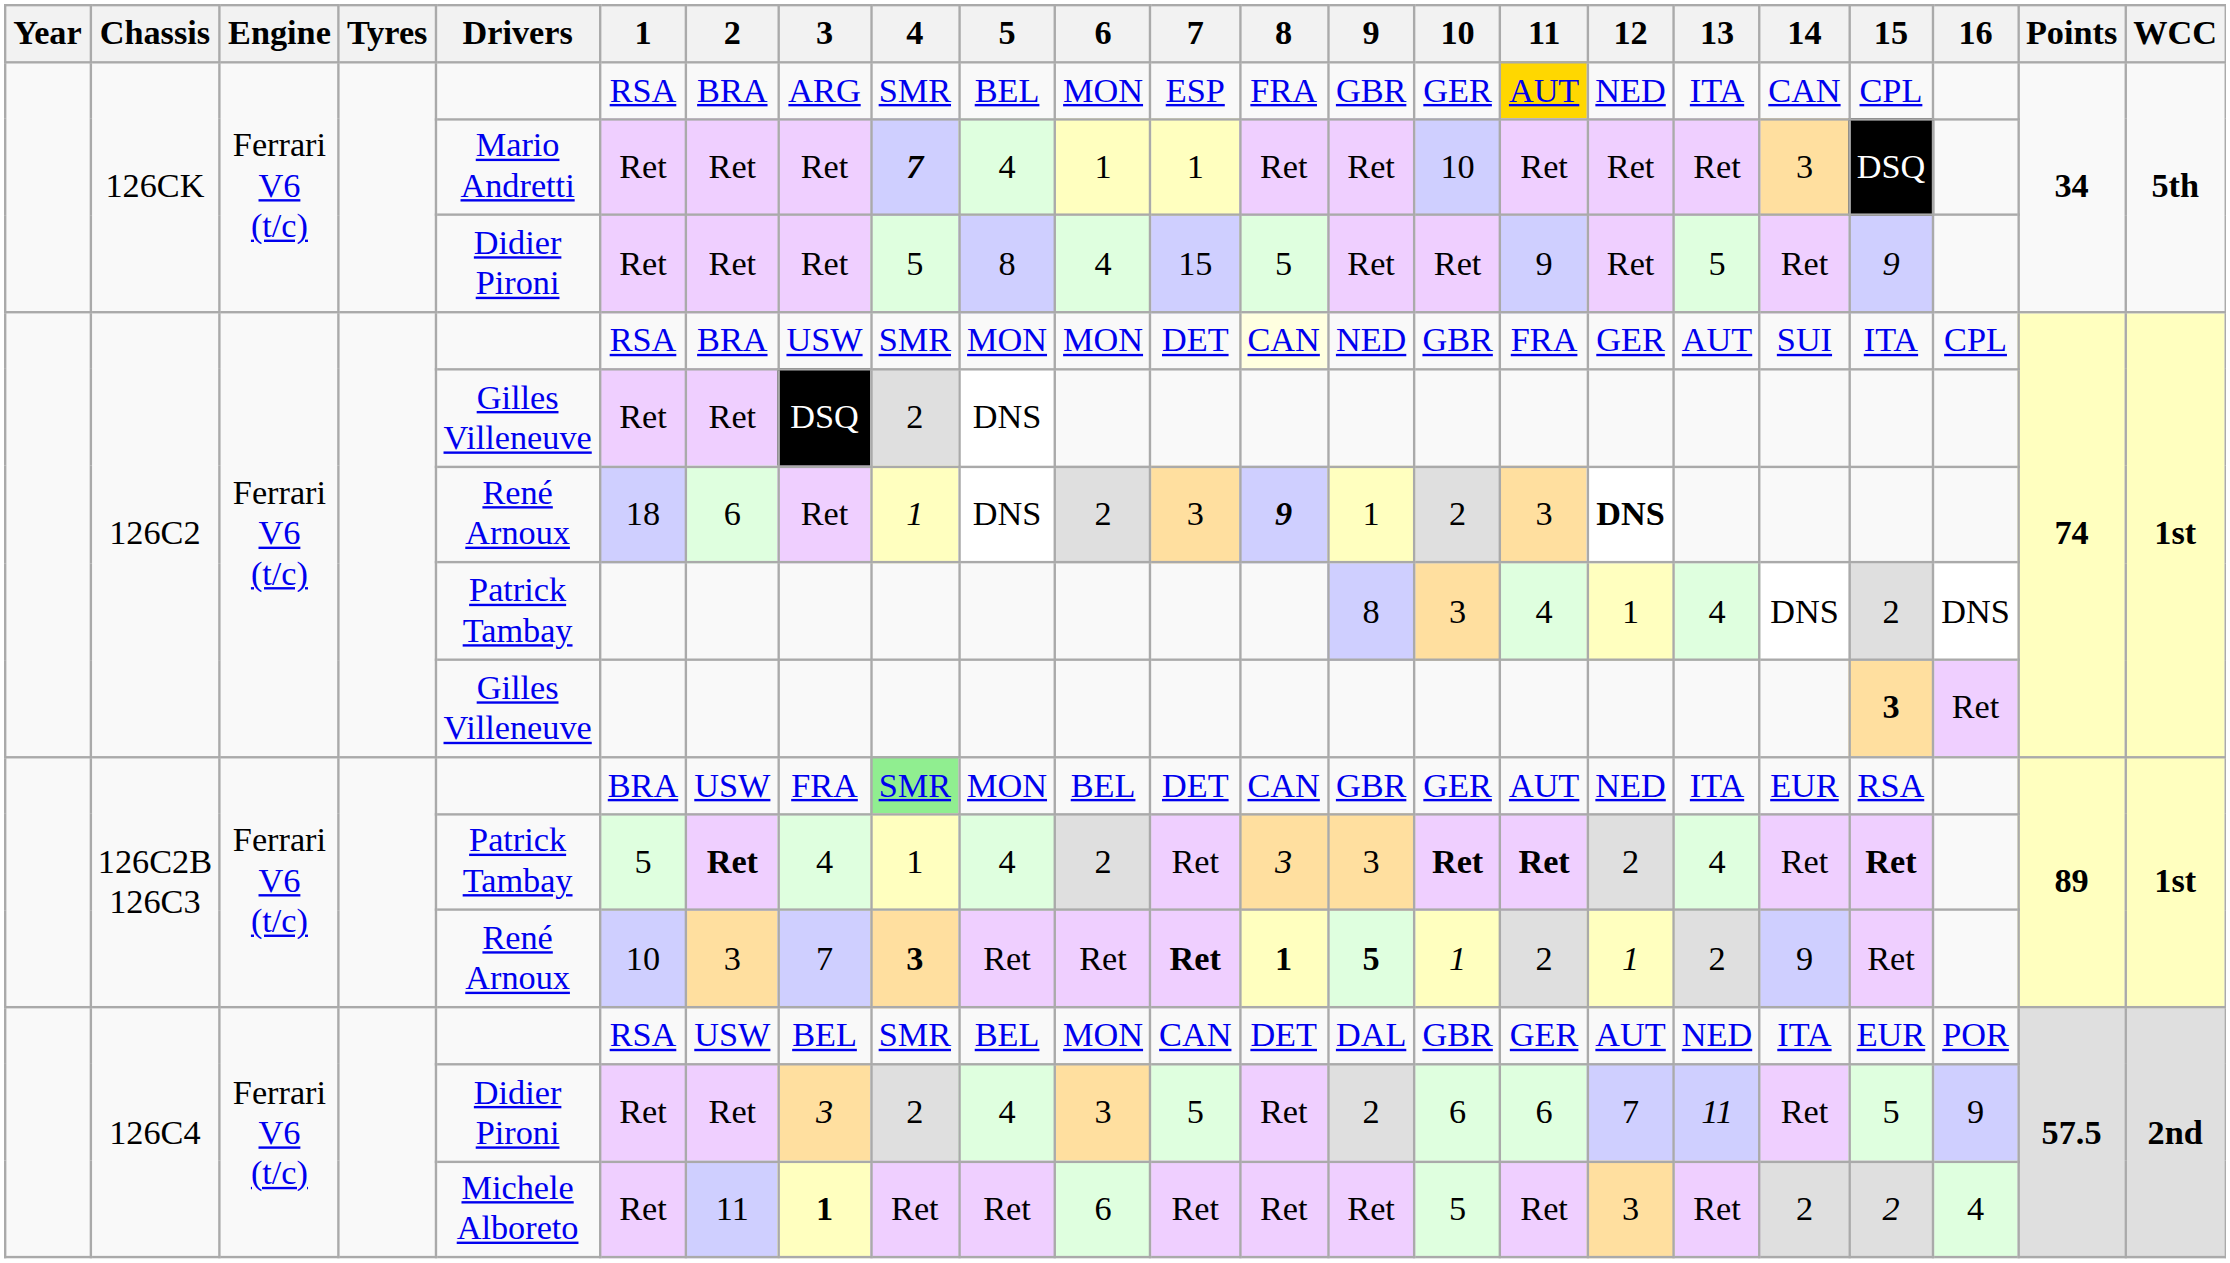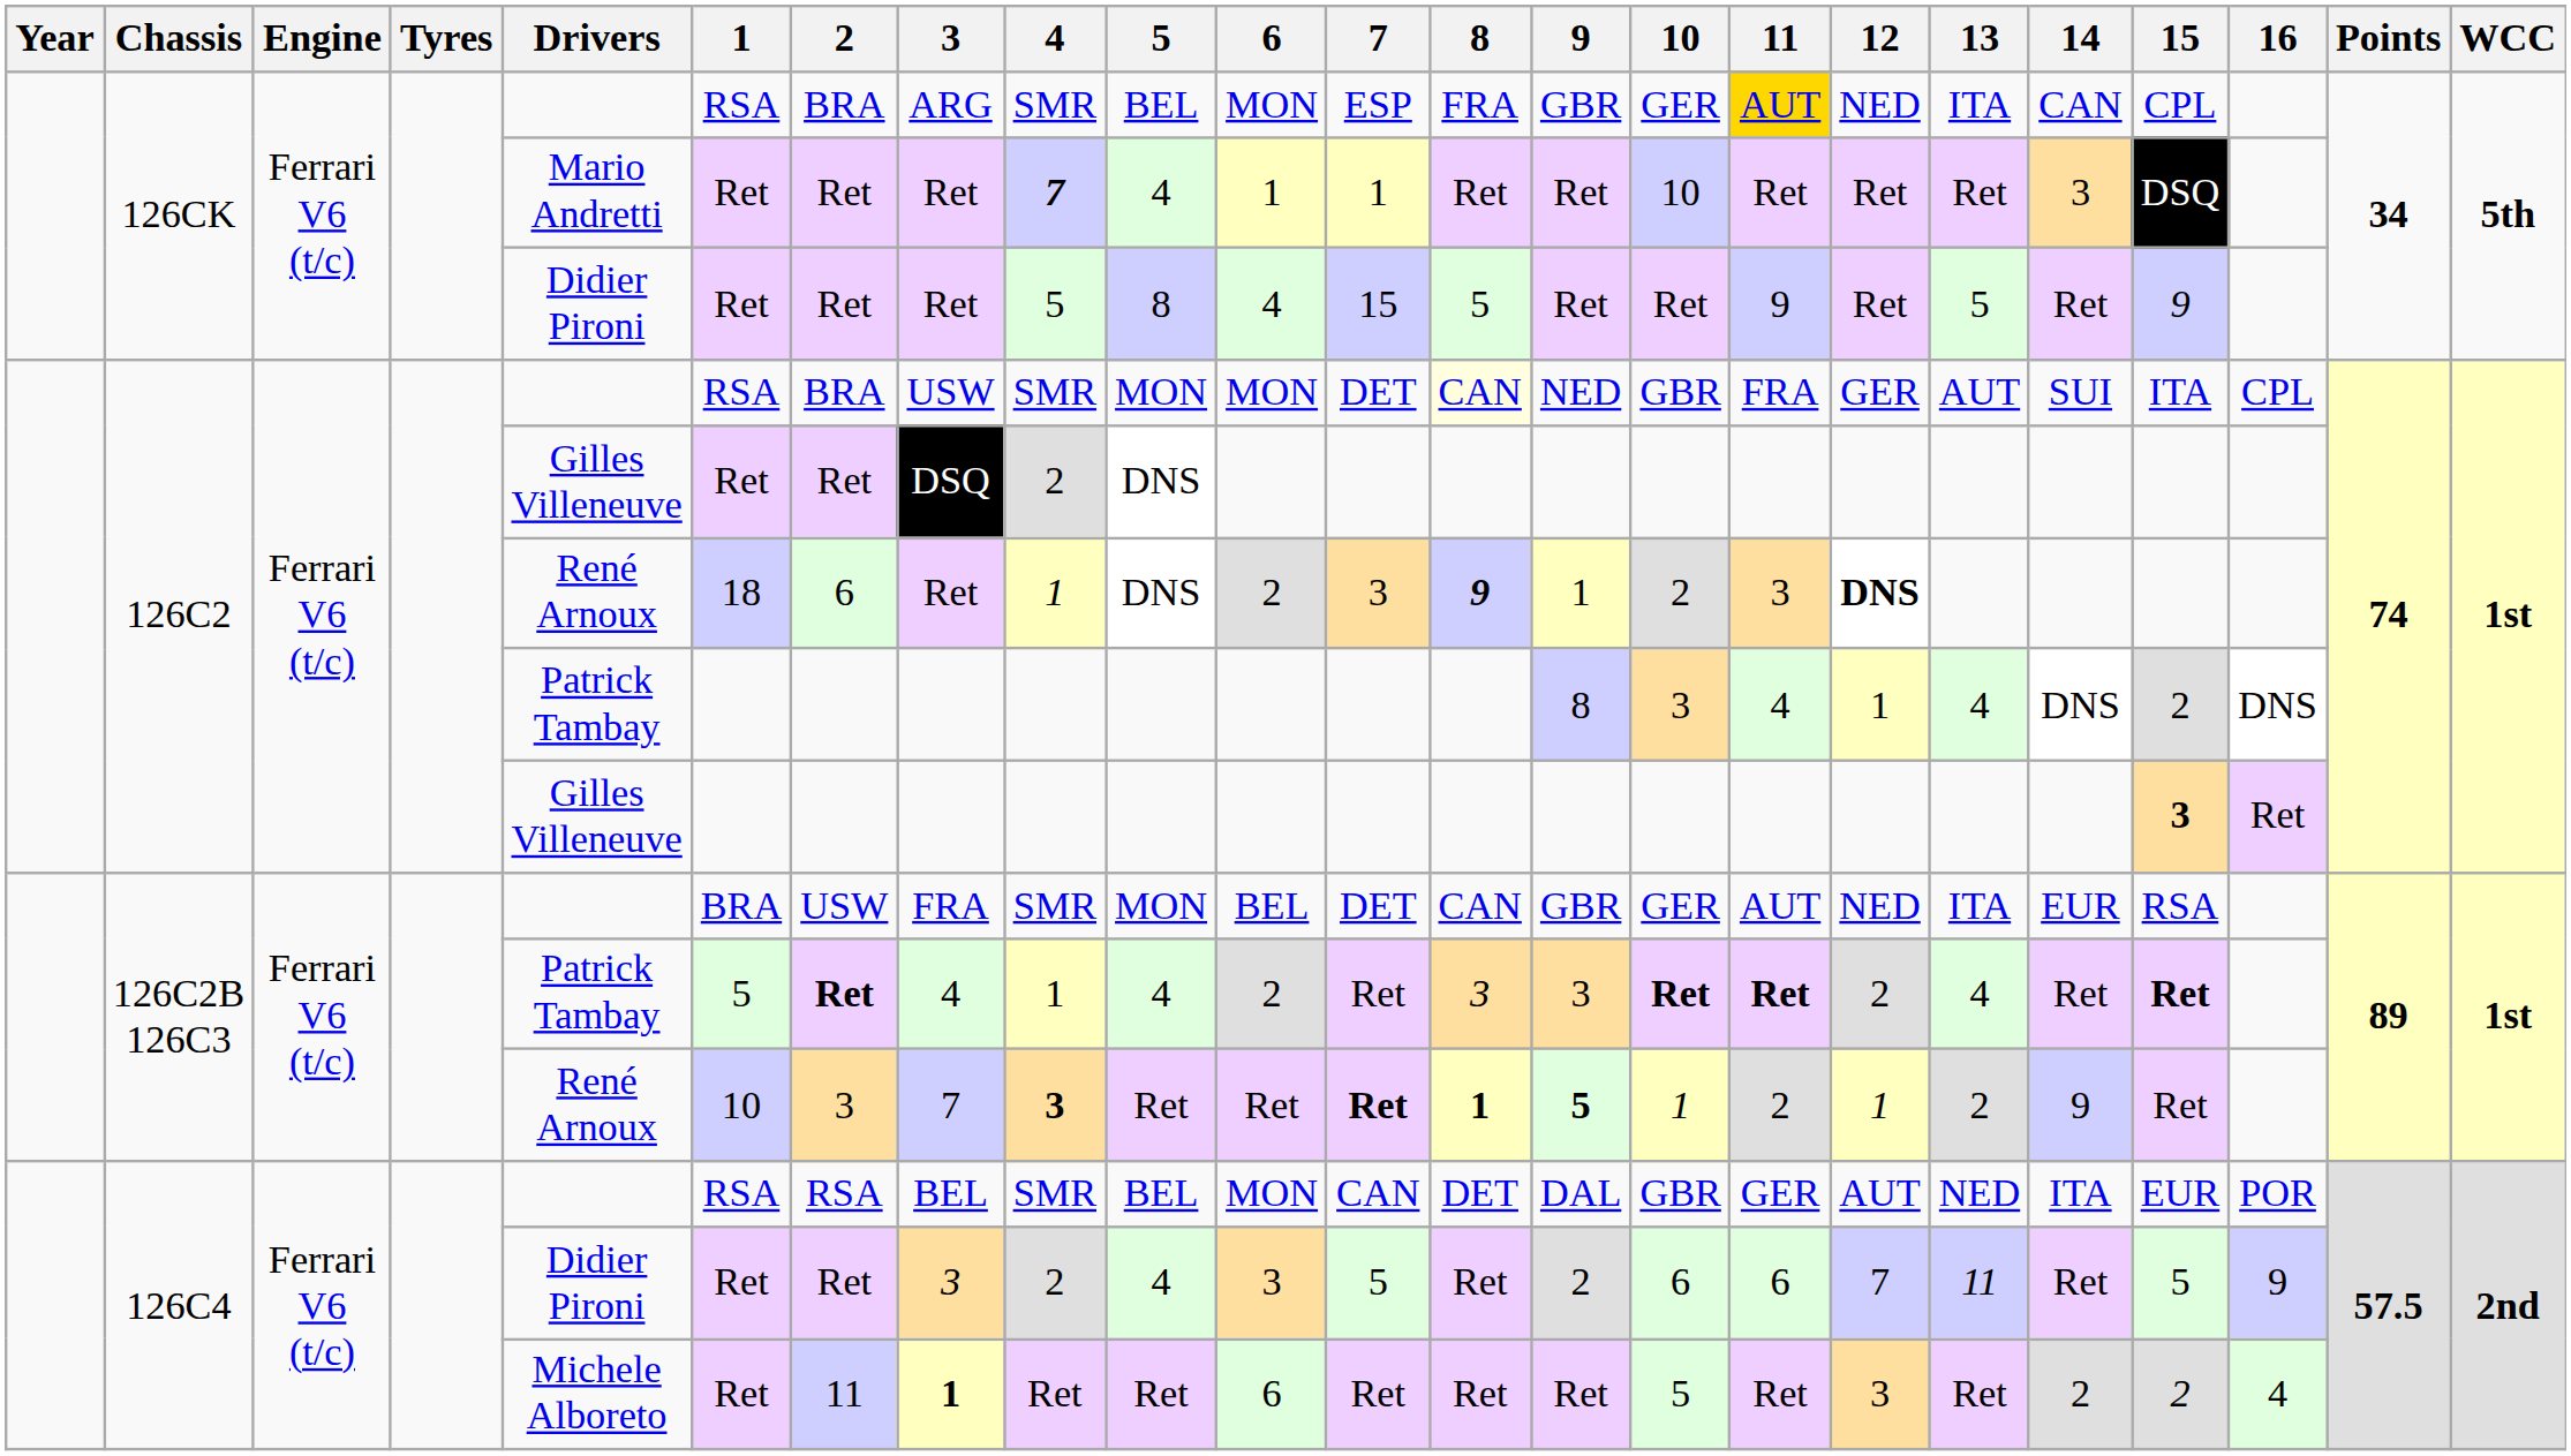 <table class="wikitable" style="text-align:center; font-size:90%">
 <tr>
 <th>Year</th>
 <th>Chassis</th>
 <th>Engine</th>
 <th>Tyres</th>
 <th>Drivers</th>
 <th>1</th>
 <th>2</th>
 <th>3</th>
 <th>4</th>
 <th>5</th>
 <th>6</th>
 <th>7</th>
 <th>8</th>
 <th>9</th>
 <th>10</th>
 <th>11</th>
 <th>12</th>
 <th>13</th>
 <th>14</th>
 <th>15</th>
 <th>16</th>
 <th>Points</th>
 <th>WCC</th>
 </tr>
 <tr>
 <td rowspan="3"></td>
 <td rowspan="3">126CK</td>
 <td rowspan="3">Ferrari <a href='#'>V6</a> <a href='#'>(t/c)</a></td>
 <td rowspan="3"></td>
 <td></td>
 <td><a href='#'>RSA</a></td>
 <td><a href='#'>BRA</a></td>
 <td><a href='#'>ARG</a></td>
 <td><a href='#'>SMR</a></td>
 <td><a href='#'>BEL</a></td>
 <td><a href='#'>MON</a></td>
 <td><a href='#'>ESP</a></td>
 <td><a href='#'>FRA</a></td>
 <td><a href='#'>GBR</a></td>
 <td><a href='#'>GER</a></td>
 <td style="background: gold;"><a href='#'>AUT</a></td>
 <td><a href='#'>NED</a></td>
 <td><a href='#'>ITA</a></td>
 <td><a href='#'>CAN</a></td>
 <td><a href='#'>CPL</a></td>
 <td></td>
 <td rowspan="3"><strong>34</strong></td>
 <td rowspan="3"><strong>5th</strong></td>
 </tr>
 <tr>
 <td> <a href='#'>Mario Andretti</a></td>
 <td style="background:#EFCFFF;">Ret</td>
 <td style="background:#EFCFFF;">Ret</td>
 <td style="background:#EFCFFF;">Ret</td>
 <td style="background:#CFCFFF;"><strong><em>7</em></strong></td>
 <td style="background:#DFFFDF;">4</td>
 <td style="background:#FFFFBF;">1</td>
 <td style="background:#FFFFBF;">1</td>
 <td style="background:#EFCFFF;">Ret</td>
 <td style="background:#EFCFFF;">Ret</td>
 <td style="background:#CFCFFF;">10</td>
 <td style="background:#EFCFFF;">Ret</td>
 <td style="background:#EFCFFF;">Ret</td>
 <td style="background:#EFCFFF;">Ret</td>
 <td style="background:#FFDF9F;">3</td>
 <td style="background:#000000; color:white">DSQ</td>
 <td></td>
 </tr>
 <tr>
 <td> <a href='#'>Didier Pironi</a></td>
 <td style="background:#EFCFFF;">Ret</td>
 <td style="background:#EFCFFF;">Ret</td>
 <td style="background:#EFCFFF;">Ret</td>
 <td style="background:#DFFFDF;">5</td>
 <td style="background:#CFCFFF;">8</td>
 <td style="background:#DFFFDF;">4</td>
 <td style="background:#CFCFFF;">15</td>
 <td style="background:#DFFFDF;">5</td>
 <td style="background:#EFCFFF;">Ret</td>
 <td style="background:#EFCFFF;">Ret</td>
 <td style="background:#CFCFFF;">9</td>
 <td style="background:#EFCFFF;">Ret</td>
 <td style="background:#DFFFDF;">5</td>
 <td style="background:#EFCFFF;">Ret</td>
 <td style="background:#CFCFFF;"><em>9</em></td>
 <td></td>
 </tr>
 <tr>
 <td rowspan="5"></td>
 <td rowspan="5">126C2</td>
 <td rowspan="5">Ferrari <a href='#'>V6</a> <a href='#'>(t/c)</a></td>
 <td rowspan="5"></td>
 <td></td>
 <td><a href='#'>RSA</a></td>
 <td><a href='#'>BRA</a></td>
 <td><a href='#'>USW</a></td>
 <td><a href='#'>SMR</a></td>
 <td><a href='#'>MON</a></td>
 <td><a href='#'>MON</a></td>
 <td><a href='#'>DET</a></td>
 <td style="background: lightyellow;"><a href='#'>CAN</a></td>
 <td><a href='#'>NED</a></td>
 <td><a href='#'>GBR</a></td>
 <td><a href='#'>FRA</a></td>
 <td><a href='#'>GER</a></td>
 <td><a href='#'>AUT</a></td>
 <td><a href='#'>SUI</a></td>
 <td><a href='#'>ITA</a></td>
 <td><a href='#'>CPL</a></td>
 <td rowspan="5" style="background:#FFFFBF;"><strong>74</strong></td>
 <td rowspan="5" style="background:#FFFFBF;"><strong>1st</strong></td>
 </tr>
 <tr>
 <td> <a href='#'>Gilles Villeneuve</a></td>
 <td style="background:#EFCFFF;">Ret</td>
 <td style="background:#EFCFFF;">Ret</td>
 <td style="background:#000000; color:white">DSQ</td>
 <td style="background:#DFDFDF;">2</td>
 <td style="background:#ffffff;">DNS</td>
 <td></td>
 <td></td>
 <td></td>
 <td></td>
 <td></td>
 <td></td>
 <td></td>
 <td></td>
 <td></td>
 <td></td>
 <td></td>
 </tr>
 <tr>
 <td> <a href='#'>René Arnoux</a></td>
 <td style="background:#CFCFFF;">18</td>
 <td style="background:#DFFFDF;">6</td>
 <td style="background:#EFCFFF;">Ret</td>
 <td style="background:#FFFFBF;"><em>1</em></td>
 <td style="background:#ffffff;">DNS</td>
 <td style="background:#DFDFDF;">2</td>
 <td style="background:#FFDF9F;">3</td>
 <td style="background:#CFCFFF;"><strong><em>9</em></strong></td>
 <td style="background:#FFFFBF;">1</td>
 <td style="background:#DFDFDF;">2</td>
 <td style="background:#FFDF9F;">3</td>
 <td style="background:#ffffff;"><strong>DNS</strong></td>
 <td></td>
 <td></td>
 <td></td>
 <td></td>
 </tr>
 <tr>
 <td> <a href='#'>Patrick Tambay</a></td>
 <td></td>
 <td></td>
 <td></td>
 <td></td>
 <td></td>
 <td></td>
 <td></td>
 <td></td>
 <td style="background:#CFCFFF;">8</td>
 <td style="background:#FFDF9F;">3</td>
 <td style="background:#DFFFDF;">4</td>
 <td style="background:#FFFFBF;">1</td>
 <td style="background:#DFFFDF;">4</td>
 <td style="background:#ffffff;">DNS</td>
 <td style="background:#DFDFDF;">2</td>
 <td style="background:#ffffff;">DNS</td>
 </tr>
 <tr>
 <td> <a href='#'>Gilles Villeneuve</a></td>
 <td></td>
 <td></td>
 <td></td>
 <td></td>
 <td></td>
 <td></td>
 <td></td>
 <td></td>
 <td></td>
 <td></td>
 <td></td>
 <td></td>
 <td></td>
 <td></td>
 <td style="background:#FFDF9F;"><strong>3</strong></td>
 <td style="background:#EFCFFF;">Ret</td>
 </tr>
 <tr>
 <td rowspan="3"></td>
 <td rowspan="3">126C2B<br> 126C3</td>
 <td rowspan="3">Ferrari <a href='#'>V6</a> <a href='#'>(t/c)</a></td>
 <td rowspan="3"></td>
 <td></td>
 <td><a href='#'>BRA</a></td>
 <td><a href='#'>USW</a></td>
 <td><a href='#'>FRA</a></td>
-<td style="background: lightgreen;"><a href='#'>SMR</a></td>
+<td><a href='#'>SMR</a></td>
 <td><a href='#'>MON</a></td>
 <td><a href='#'>BEL</a></td>
 <td><a href='#'>DET</a></td>
 <td><a href='#'>CAN</a></td>
 <td><a href='#'>GBR</a></td>
 <td><a href='#'>GER</a></td>
 <td><a href='#'>AUT</a></td>
 <td><a href='#'>NED</a></td>
 <td><a href='#'>ITA</a></td>
 <td><a href='#'>EUR</a></td>
 <td><a href='#'>RSA</a></td>
 <td></td>
 <td rowspan="3" style="background:#FFFFBF;"><strong>89</strong></td>
 <td rowspan="3" style="background:#FFFFBF;"><strong>1st</strong></td>
 </tr>
 <tr>
 <td> <a href='#'>Patrick Tambay</a></td>
 <td style="background:#DFFFDF;">5</td>
 <td style="background:#EFCFFF;"><strong>Ret</strong></td>
 <td style="background:#DFFFDF;">4</td>
 <td style="background:#FFFFBF;">1</td>
 <td style="background:#DFFFDF;">4</td>
 <td style="background:#DFDFDF;">2</td>
 <td style="background:#EFCFFF;">Ret</td>
 <td style="background:#FFDF9F;"><em>3</em></td>
 <td style="background:#FFDF9F;">3</td>
 <td style="background:#EFCFFF;"><strong>Ret</strong></td>
 <td style="background:#EFCFFF;"><strong>Ret</strong></td>
 <td style="background:#DFDFDF;">2</td>
 <td style="background:#DFFFDF;">4</td>
 <td style="background:#EFCFFF;">Ret</td>
 <td style="background:#EFCFFF;"><strong>Ret</strong></td>
 <td></td>
 </tr>
 <tr>
 <td> <a href='#'>René Arnoux</a></td>
 <td style="background:#CFCFFF;">10</td>
 <td style="background:#FFDF9F;">3</td>
 <td style="background:#CFCFFF;">7</td>
 <td style="background:#FFDF9F;"><strong>3</strong></td>
 <td style="background:#EFCFFF;">Ret</td>
 <td style="background:#EFCFFF;">Ret</td>
 <td style="background:#EFCFFF;"><strong>Ret</strong></td>
 <td style="background:#FFFFBF;"><strong>1</strong></td>
 <td style="background:#DFFFDF;"><strong>5</strong></td>
 <td style="background:#FFFFBF;"><em>1</em></td>
 <td style="background:#DFDFDF;">2</td>
 <td style="background:#FFFFBF;"><em>1</em></td>
 <td style="background:#DFDFDF;">2</td>
 <td style="background:#CFCFFF;">9</td>
 <td style="background:#EFCFFF;">Ret</td>
 <td></td>
 </tr>
 <tr>
 <td rowspan="3"></td>
 <td rowspan="3">126C4</td>
 <td rowspan="3">Ferrari <a href='#'>V6</a> <a href='#'>(t/c)</a></td>
 <td rowspan="3"></td>
 <td></td>
 <td><a href='#'>RSA</a></td>
-<td><a href='#'>USW</a></td>
+<td><a href='#'>RSA</a></td>
 <td><a href='#'>BEL</a></td>
 <td><a href='#'>SMR</a></td>
 <td><a href='#'>BEL</a></td>
 <td><a href='#'>MON</a></td>
 <td><a href='#'>CAN</a></td>
 <td><a href='#'>DET</a></td>
 <td><a href='#'>DAL</a></td>
 <td><a href='#'>GBR</a></td>
 <td><a href='#'>GER</a></td>
 <td><a href='#'>AUT</a></td>
 <td><a href='#'>NED</a></td>
 <td><a href='#'>ITA</a></td>
 <td><a href='#'>EUR</a></td>
 <td><a href='#'>POR</a></td>
 <td rowspan="3" style="background:#DFDFDF;"><strong>57.5</strong></td>
 <td rowspan="3" style="background:#DFDFDF;"><strong>2nd</strong></td>
 </tr>
 <tr>
 <td> <a href='#'>Didier Pironi</a></td>
 <td style="background:#EFCFFF;">Ret</td>
 <td style="background:#EFCFFF;">Ret</td>
 <td style="background:#FFDF9F;"><em>3</em></td>
 <td style="background:#DFDFDF;">2</td>
 <td style="background:#DFFFDF;">4</td>
 <td style="background:#FFDF9F;">3</td>
 <td style="background:#DFFFDF;">5</td>
 <td style="background:#EFCFFF;">Ret</td>
 <td style="background:#DFDFDF;">2</td>
 <td style="background:#DFFFDF;">6</td>
 <td style="background:#DFFFDF;">6</td>
 <td style="background:#CFCFFF;">7</td>
 <td style="background:#CFCFFF;"><em>11</em></td>
 <td style="background:#EFCFFF;">Ret</td>
 <td style="background:#DFFFDF;">5</td>
 <td style="background:#CFCFFF;">9</td>
 </tr>
 <tr>
 <td> <a href='#'>Michele Alboreto</a></td>
 <td style="background:#EFCFFF;">Ret</td>
 <td style="background:#CFCFFF;">11</td>
 <td style="background:#FFFFBF;"><strong>1</strong></td>
 <td style="background:#EFCFFF;">Ret</td>
 <td style="background:#EFCFFF;">Ret</td>
 <td style="background:#DFFFDF;">6</td>
 <td style="background:#EFCFFF;">Ret</td>
 <td style="background:#EFCFFF;">Ret</td>
 <td style="background:#EFCFFF;">Ret</td>
 <td style="background:#DFFFDF;">5</td>
 <td style="background:#EFCFFF;">Ret</td>
 <td style="background:#FFDF9F;">3</td>
 <td style="background:#EFCFFF;">Ret</td>
 <td style="background:#DFDFDF;">2</td>
 <td style="background:#DFDFDF;"><em>2</em></td>
 <td style="background:#DFFFDF;">4</td>
 </tr>
 </table>
